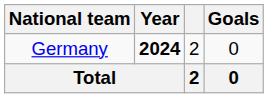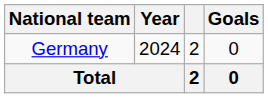 <table class="wikitable" style="text-align: center">
 <tr>
 <th>National team</th>
 <th>Year</th>
 <th></th>
 <th>Goals</th>
 </tr>
 <tr>
 <td><a href='#'>Germany</a></td>
-<td><strong>2024</strong></td>
+<td>2024</td>
 <td>2</td>
 <td>0</td>
 </tr>
 <tr>
 <th colspan="2">Total</th>
 <th>2</th>
 <th>0</th>
 </tr>
 </table>
